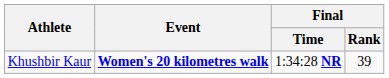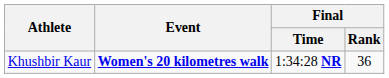 <table class=wikitable style="font-size:90%;">
 <tr>
 <th rowspan=2>Athlete</th>
 <th rowspan=2>Event</th>
 <th colspan=2>Final</th>
 </tr>
 <tr>
 <th>Time</th>
 <th>Rank</th>
 </tr>
 <tr>
 <td><a href='#'>Khushbir Kaur</a></td>
 <td><strong><a href='#'>Women's 20 kilometres walk</a></strong></td>
 <td align="center">1:34:28 <strong><a href='#'>NR</a></strong></td>
-<td align="center">39</td>
+<td align="center">36</td>
 </tr>
 </table>
